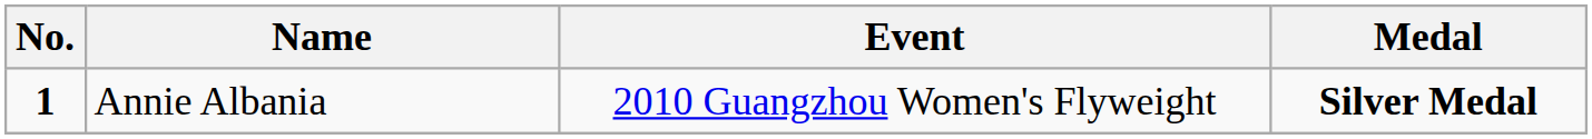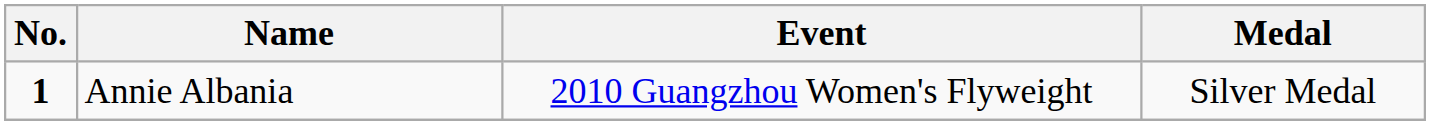 <table class="wikitable" width=50%>
 <tr>
 <th width=05%>No.</th>
 <th width=30%>Name</th>
 <th width=45%>Event</th>
 <th width=20%>Medal</th>
 </tr>
 <tr align=center>
 <td><strong>1</strong></td>
 <td align=left>Annie Albania</td>
 <td><a href='#'>2010 Guangzhou</a> Women's Flyweight</td>
-<td><strong> Silver Medal</strong></td>
+<td> Silver Medal</td>
 </tr>
 <tr align=center>
 </tr>
 </table>
